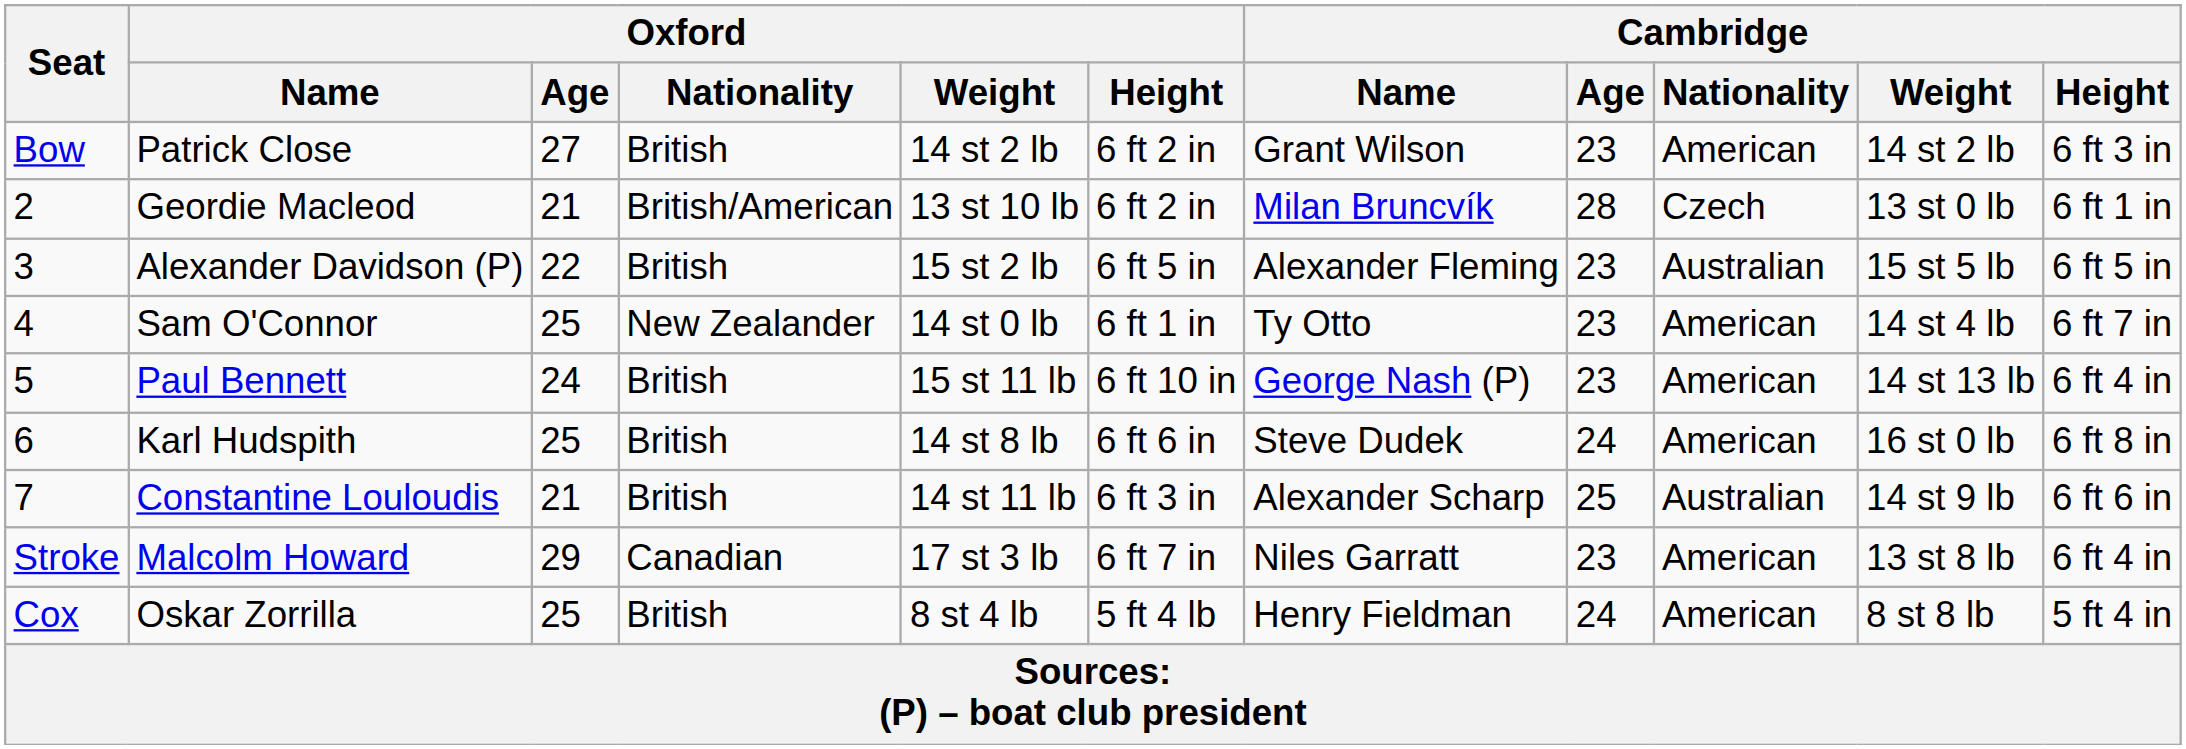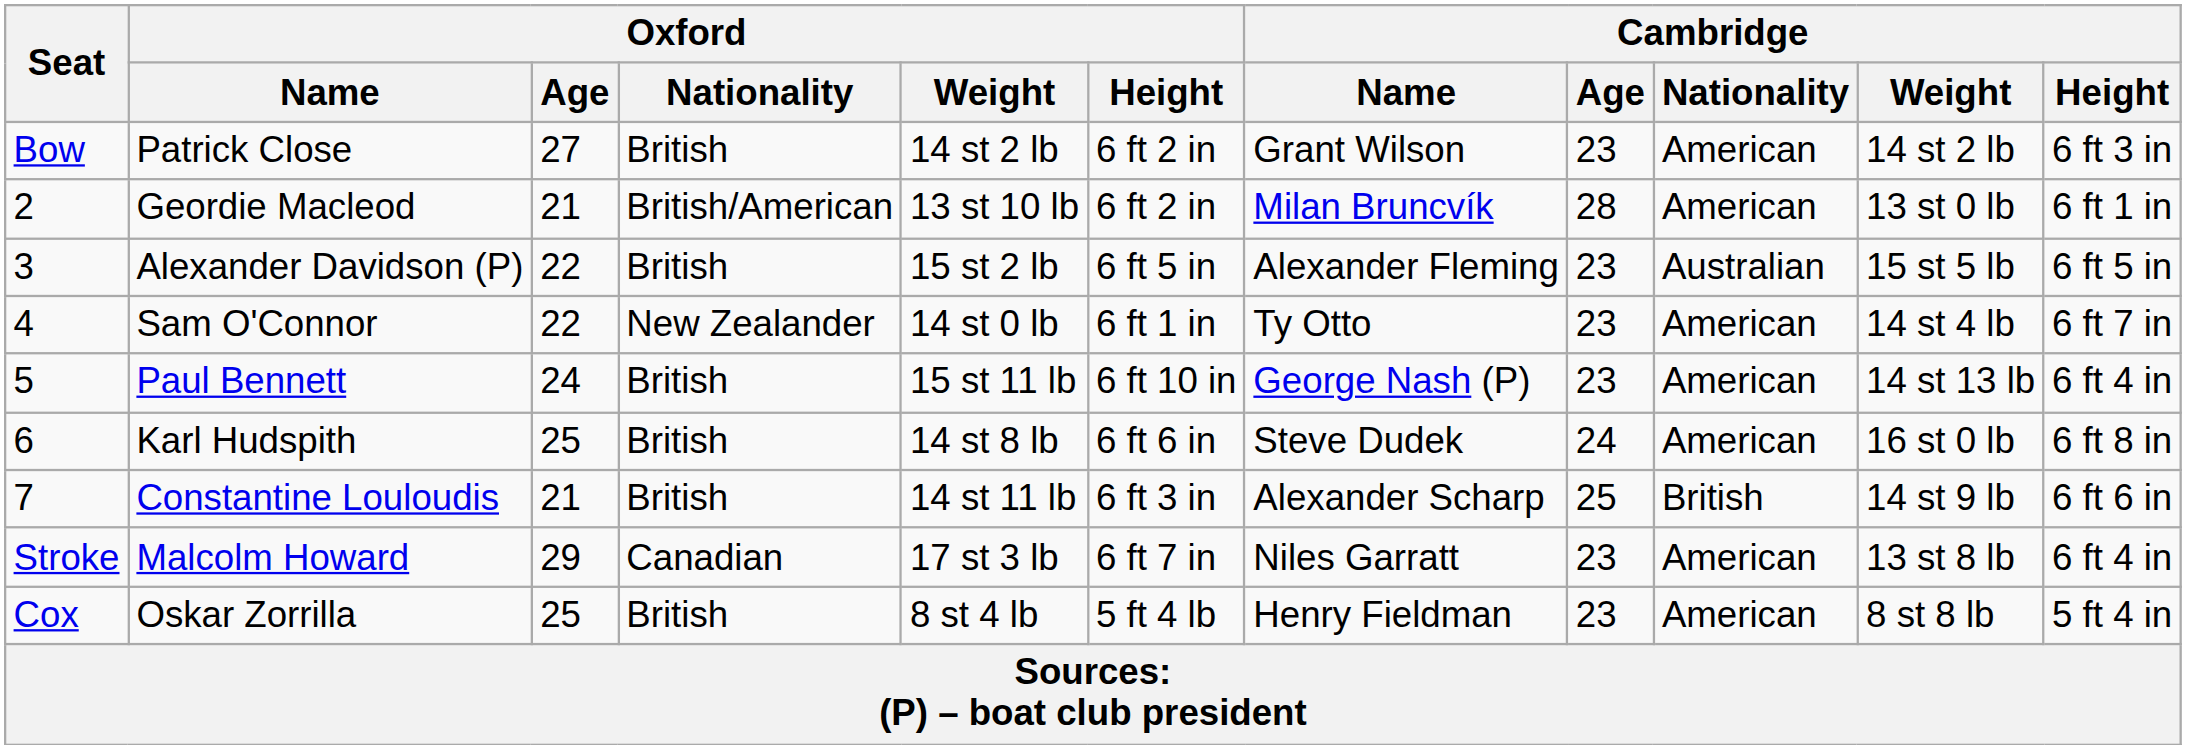 <table class="wikitable">
 <tr>
 <th rowspan="2" scope="col">Seat</th>
 <th colspan="5" scope="col">Oxford <br> </th>
 <th colspan="5" scope="col">Cambridge <br> </th>
 </tr>
 <tr>
 <th>Name</th>
 <th>Age</th>
 <th>Nationality</th>
 <th>Weight</th>
 <th>Height</th>
 <th>Name</th>
 <th>Age</th>
 <th>Nationality</th>
 <th>Weight</th>
 <th>Height</th>
 </tr>
 <tr>
 <td><a href='#'>Bow</a></td>
 <td>Patrick Close</td>
 <td>27</td>
 <td>British</td>
 <td>14 st 2 lb</td>
 <td>6 ft 2 in</td>
 <td>Grant Wilson</td>
 <td>23</td>
 <td>American</td>
 <td>14 st 2 lb</td>
 <td>6 ft 3 in</td>
 </tr>
 <tr>
 <td>2</td>
 <td>Geordie Macleod</td>
 <td>21</td>
 <td>British/American</td>
 <td>13 st 10 lb</td>
 <td>6 ft 2 in</td>
 <td><a href='#'>Milan Bruncvík</a></td>
 <td>28</td>
-<td>Czech</td>
+<td>American</td>
 <td>13 st 0 lb</td>
 <td>6 ft 1 in</td>
 </tr>
 <tr>
 <td>3</td>
 <td>Alexander Davidson (P)</td>
 <td>22</td>
 <td>British</td>
 <td>15 st 2 lb</td>
 <td>6 ft 5 in</td>
 <td>Alexander Fleming</td>
 <td>23</td>
 <td>Australian</td>
 <td>15 st 5 lb</td>
 <td>6 ft 5 in</td>
 </tr>
 <tr>
 <td>4</td>
 <td>Sam O'Connor</td>
-<td>25</td>
+<td>22</td>
 <td>New Zealander</td>
 <td>14 st 0 lb</td>
 <td>6 ft 1 in</td>
 <td>Ty Otto</td>
 <td>23</td>
 <td>American</td>
 <td>14 st 4 lb</td>
 <td>6 ft 7 in</td>
 </tr>
 <tr>
 <td>5</td>
 <td><a href='#'>Paul Bennett</a></td>
 <td>24</td>
 <td>British</td>
 <td>15 st 11 lb</td>
 <td>6 ft 10 in</td>
 <td><a href='#'>George Nash</a> (P)</td>
 <td>23</td>
 <td>American</td>
 <td>14 st 13 lb</td>
 <td>6 ft 4 in</td>
 </tr>
 <tr>
 <td>6</td>
 <td>Karl Hudspith</td>
 <td>25</td>
 <td>British</td>
 <td>14 st 8 lb</td>
 <td>6 ft 6 in</td>
 <td>Steve Dudek</td>
 <td>24</td>
 <td>American</td>
 <td>16 st 0 lb</td>
 <td>6 ft 8 in</td>
 </tr>
 <tr>
 <td>7</td>
 <td><a href='#'>Constantine Louloudis</a></td>
 <td>21</td>
 <td>British</td>
 <td>14 st 11 lb</td>
 <td>6 ft 3 in</td>
 <td>Alexander Scharp</td>
 <td>25</td>
-<td>Australian</td>
+<td>British</td>
 <td>14 st 9 lb</td>
 <td>6 ft 6 in</td>
 </tr>
 <tr>
 <td><a href='#'>Stroke</a></td>
 <td><a href='#'>Malcolm Howard</a></td>
 <td>29</td>
 <td>Canadian</td>
 <td>17 st 3 lb</td>
 <td>6 ft 7 in</td>
 <td>Niles Garratt</td>
 <td>23</td>
 <td>American</td>
 <td>13 st 8 lb</td>
 <td>6 ft 4 in</td>
 </tr>
 <tr>
 <td><a href='#'>Cox</a></td>
 <td>Oskar Zorrilla</td>
 <td>25</td>
 <td>British</td>
 <td>8 st 4 lb</td>
 <td>5 ft 4 lb</td>
 <td>Henry Fieldman</td>
-<td>24</td>
+<td>23</td>
 <td>American</td>
 <td>8 st 8 lb</td>
 <td>5 ft 4 in</td>
 </tr>
 <tr>
 <th colspan="11">Sources:<br>(P) – boat club president</th>
 </tr>
 </table>
